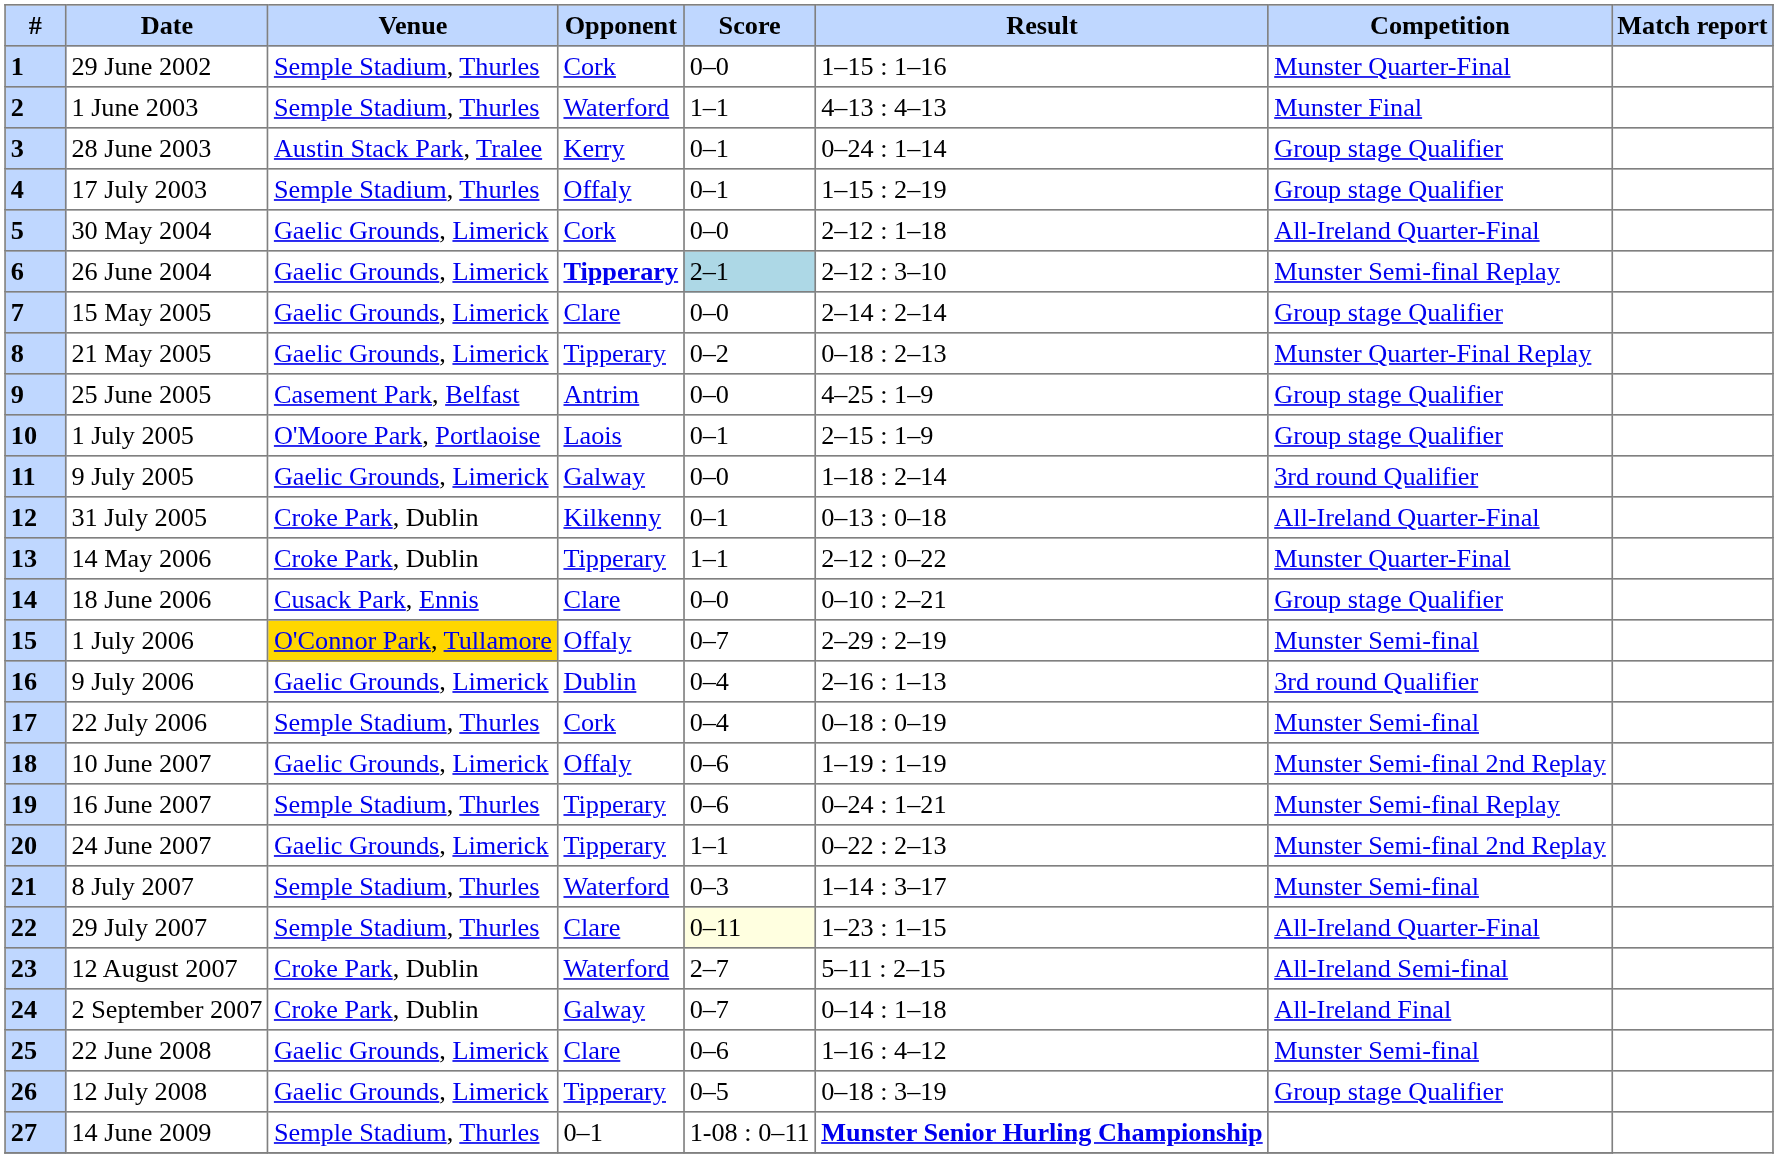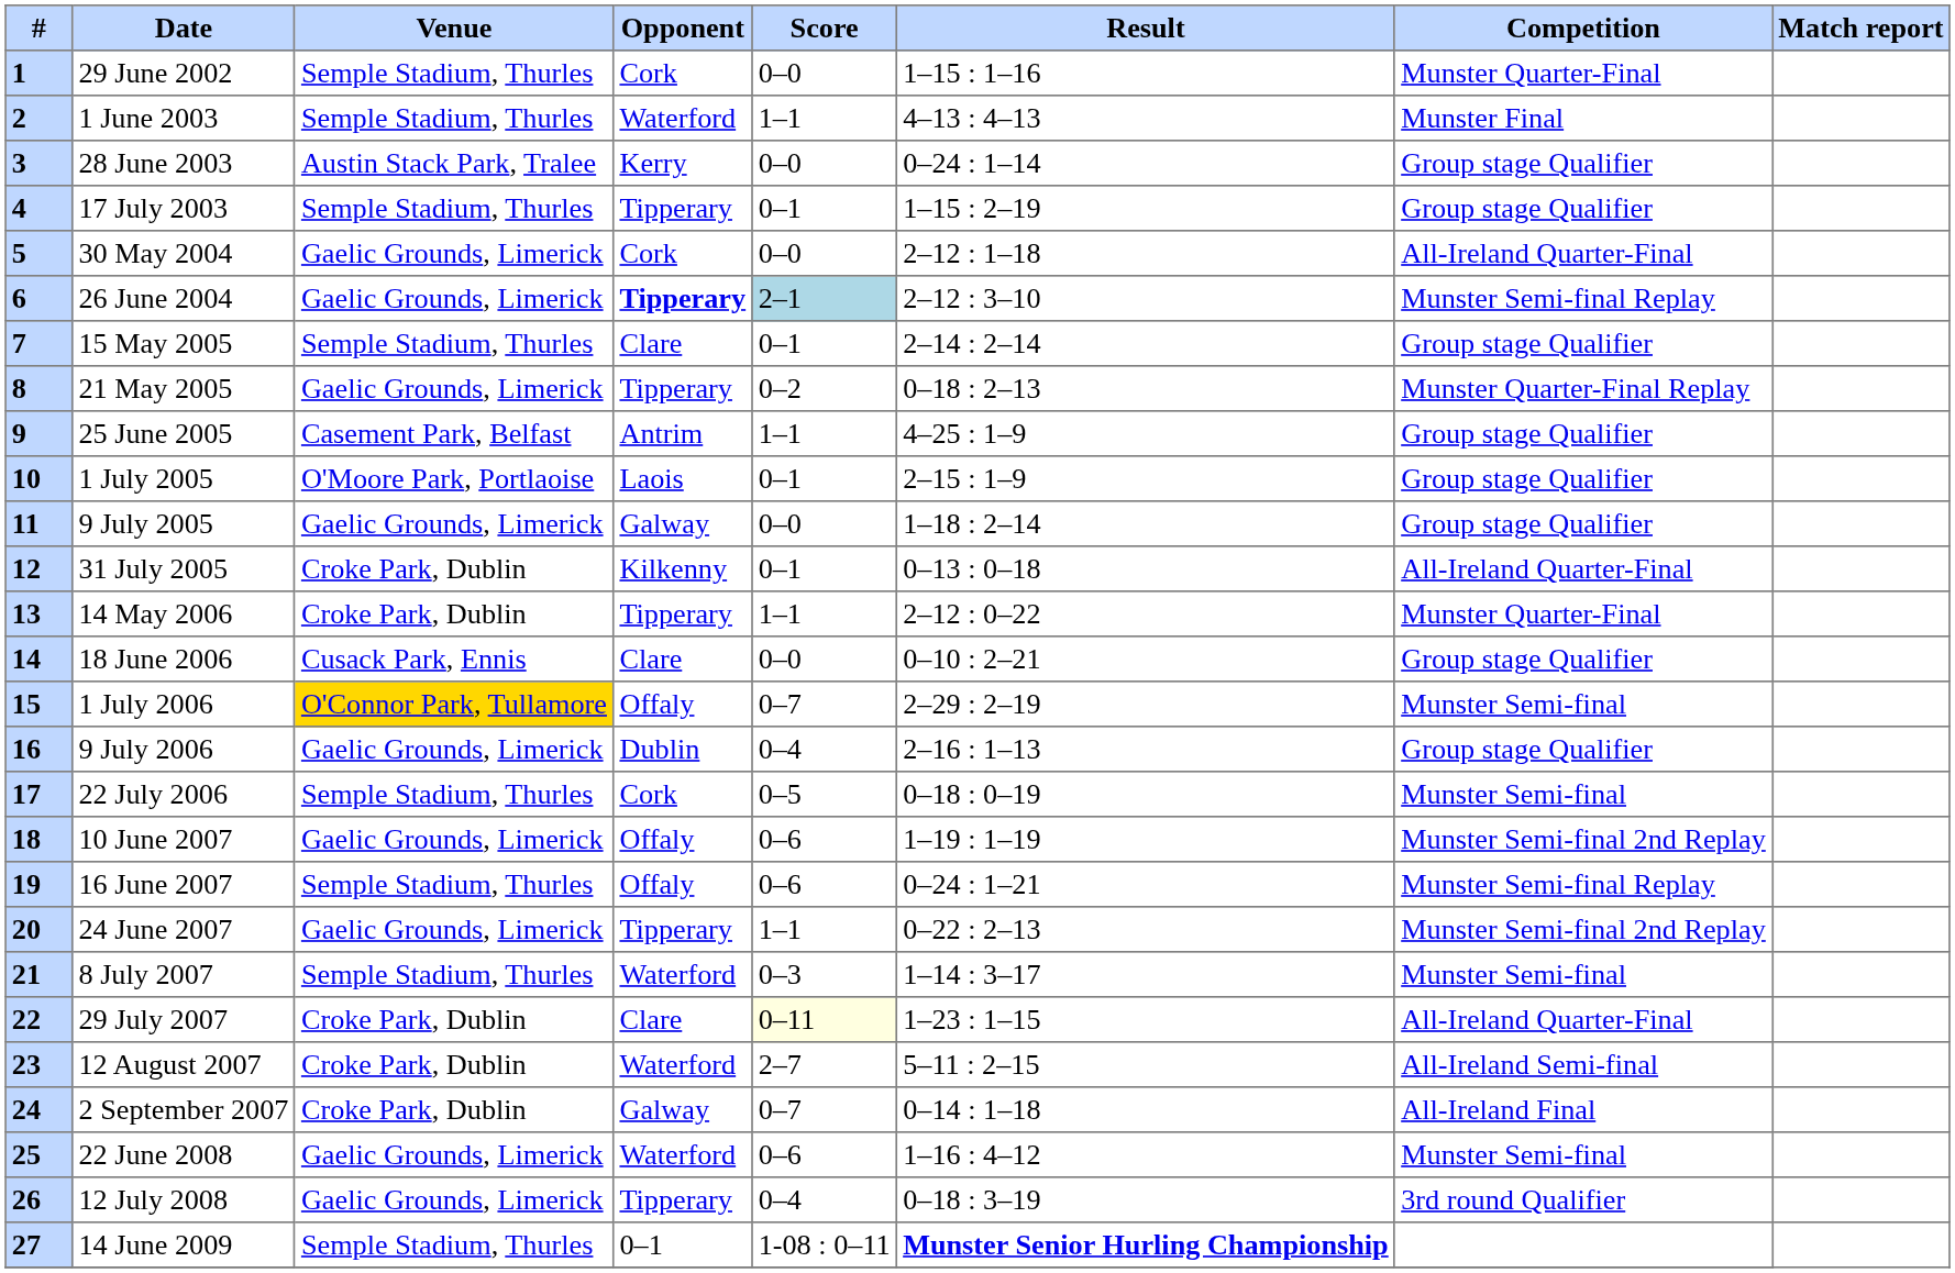 <table border=1 cellpadding=3 style="margin-left:1em; colour: black; border-collapse: collapse;">
 <tr bgcolor="BFD7FF">
 <th width=30 style="text-align: centr;">#</th>
 <th>Date</th>
 <th>Venue</th>
 <th>Opponent</th>
 <th>Score</th>
 <th>Result</th>
 <th>Competition</th>
 <th>Match report</th>
 </tr>
 <tr>
 <td style="text-align: centr;" bgcolor="BFD7FF"><strong>1</strong></td>
 <td>29 June 2002</td>
 <td><a href='#'>Semple Stadium</a>, <a href='#'>Thurles</a></td>
 <td><a href='#'>Cork</a></td>
 <td style="text-align: centr;">0–0</td>
 <td>1–15 : 1–16</td>
 <td><a href='#'>Munster Quarter-Final</a></td>
 <td></td>
 </tr>
 <tr>
 <td style="text-align: centr;" bgcolor="BFD7FF"><strong>2</strong></td>
 <td>1 June 2003</td>
 <td><a href='#'>Semple Stadium</a>, <a href='#'>Thurles</a></td>
 <td><a href='#'>Waterford</a></td>
 <td style="text-align: centr;">1–1</td>
 <td>4–13 : 4–13</td>
 <td><a href='#'>Munster Final</a></td>
 <td></td>
 </tr>
 <tr>
 <td style="text-align: centr;" bgcolor="BFD7FF"><strong>3</strong></td>
 <td>28 June 2003</td>
 <td><a href='#'>Austin Stack Park</a>, <a href='#'>Tralee</a></td>
 <td><a href='#'>Kerry</a></td>
-<td style="text-align: centr;">0–1</td>
+<td style="text-align: centr;">0–0</td>
 <td>0–24 : 1–14</td>
 <td><a href='#'>Group stage Qualifier</a></td>
 <td></td>
 </tr>
 <tr>
 <td style="text-align: centr;" bgcolor="BFD7FF"><strong>4</strong></td>
 <td>17 July 2003</td>
 <td><a href='#'>Semple Stadium</a>, <a href='#'>Thurles</a></td>
-<td><a href='#'>Offaly</a></td>
+<td><a href='#'>Tipperary</a></td>
 <td style="text-align: centr;">0–1</td>
 <td>1–15 : 2–19</td>
 <td><a href='#'>Group stage Qualifier</a></td>
 <td></td>
 </tr>
 <tr>
 <td style="text-align: centr;" bgcolor="BFD7FF"><strong>5</strong></td>
 <td>30 May 2004</td>
 <td><a href='#'>Gaelic Grounds</a>, <a href='#'>Limerick</a></td>
 <td><a href='#'>Cork</a></td>
 <td style="text-align: centr;">0–0</td>
 <td>2–12 : 1–18</td>
 <td><a href='#'>All-Ireland Quarter-Final</a></td>
 <td></td>
 </tr>
 <tr>
 <td style="text-align: centr;" bgcolor="BFD7FF"><strong>6</strong></td>
 <td>26 June 2004</td>
 <td><a href='#'>Gaelic Grounds</a>, <a href='#'>Limerick</a></td>
 <td><strong><a href='#'>Tipperary</a></strong></td>
 <td style="background: lightblue; text-align: centr;">2–1</td>
 <td>2–12 : 3–10</td>
 <td><a href='#'>Munster Semi-final Replay</a></td>
 <td></td>
 </tr>
 <tr>
 <td style="text-align: centr;" bgcolor="BFD7FF"><strong>7</strong></td>
 <td>15 May 2005</td>
-<td><a href='#'>Gaelic Grounds</a>, <a href='#'>Limerick</a></td>
+<td><a href='#'>Semple Stadium</a>, <a href='#'>Thurles</a></td>
 <td><a href='#'>Clare</a></td>
-<td style="text-align: centr;">0–0</td>
+<td style="text-align: centr;">0–1</td>
 <td>2–14 : 2–14</td>
 <td><a href='#'>Group stage Qualifier</a></td>
 <td></td>
 </tr>
 <tr>
 <td style="text-align: centr;" bgcolor="BFD7FF"><strong>8</strong></td>
 <td>21 May 2005</td>
 <td><a href='#'>Gaelic Grounds</a>, <a href='#'>Limerick</a></td>
 <td><a href='#'>Tipperary</a></td>
 <td style="text-align: centr;">0–2</td>
 <td>0–18 : 2–13</td>
 <td><a href='#'>Munster Quarter-Final Replay</a></td>
 <td></td>
 </tr>
 <tr>
 <td style="text-align: centr;" bgcolor="BFD7FF"><strong>9</strong></td>
 <td>25 June 2005</td>
 <td><a href='#'>Casement Park</a>, <a href='#'>Belfast</a></td>
 <td><a href='#'>Antrim</a></td>
-<td style="text-align: centr;">0–0</td>
+<td style="text-align: centr;">1–1</td>
 <td>4–25 : 1–9</td>
 <td><a href='#'>Group stage Qualifier</a></td>
 <td></td>
 </tr>
 <tr>
 <td style="text-align: centr;" bgcolor="BFD7FF"><strong>10</strong></td>
 <td>1 July 2005</td>
 <td><a href='#'>O'Moore Park</a>, <a href='#'>Portlaoise</a></td>
 <td><a href='#'>Laois</a></td>
 <td style="text-align: centr;">0–1</td>
 <td>2–15 : 1–9</td>
 <td><a href='#'>Group stage Qualifier</a></td>
 <td></td>
 </tr>
 <tr>
 <td style="text-align: centr;" bgcolor="BFD7FF"><strong>11</strong></td>
 <td>9 July 2005</td>
 <td><a href='#'>Gaelic Grounds</a>, <a href='#'>Limerick</a></td>
 <td><a href='#'>Galway</a></td>
 <td style="text-align: centr;">0–0</td>
 <td>1–18 : 2–14</td>
-<td><a href='#'>3rd round Qualifier</a></td>
+<td><a href='#'>Group stage Qualifier</a></td>
 <td></td>
 </tr>
 <tr>
 <td style="text-align: centr;" bgcolor="BFD7FF"><strong>12</strong></td>
 <td>31 July 2005</td>
 <td><a href='#'>Croke Park</a>, Dublin</td>
 <td><a href='#'>Kilkenny</a></td>
 <td style="text-align: centr;">0–1</td>
 <td>0–13 : 0–18</td>
 <td><a href='#'>All-Ireland Quarter-Final</a></td>
 <td></td>
 </tr>
 <tr>
 <td style="text-align: centr;" bgcolor="BFD7FF"><strong>13</strong></td>
 <td>14 May 2006</td>
 <td><a href='#'>Croke Park</a>, Dublin</td>
 <td><a href='#'>Tipperary</a></td>
 <td style="text-align: centr;">1–1</td>
 <td>2–12 : 0–22</td>
 <td><a href='#'>Munster Quarter-Final</a></td>
 <td></td>
 </tr>
 <tr>
 <td style="text-align: centr;" bgcolor="BFD7FF"><strong>14</strong></td>
 <td>18 June 2006</td>
 <td><a href='#'>Cusack Park</a>, <a href='#'>Ennis</a></td>
 <td><a href='#'>Clare</a></td>
 <td style="text-align: centr;">0–0</td>
 <td>0–10 : 2–21</td>
 <td><a href='#'>Group stage Qualifier</a></td>
 <td></td>
 </tr>
 <tr>
 <td style="text-align: centr;" bgcolor="BFD7FF"><strong>15</strong></td>
 <td>1 July 2006</td>
 <td style="background: gold;"><a href='#'>O'Connor Park</a>, <a href='#'>Tullamore</a></td>
 <td><a href='#'>Offaly</a></td>
 <td style="text-align: centr;">0–7</td>
 <td>2–29 : 2–19</td>
 <td><a href='#'>Munster Semi-final</a></td>
 <td></td>
 </tr>
 <tr>
 <td style="text-align: centr;" bgcolor="BFD7FF"><strong>16</strong></td>
 <td>9 July 2006</td>
 <td><a href='#'>Gaelic Grounds</a>, <a href='#'>Limerick</a></td>
 <td><a href='#'>Dublin</a></td>
 <td style="text-align: centr;">0–4</td>
 <td>2–16 : 1–13</td>
-<td><a href='#'>3rd round Qualifier</a></td>
+<td><a href='#'>Group stage Qualifier</a></td>
 <td></td>
 </tr>
 <tr>
 <td style="text-align: centr;" bgcolor="BFD7FF"><strong>17</strong></td>
 <td>22 July 2006</td>
 <td><a href='#'>Semple Stadium</a>, <a href='#'>Thurles</a></td>
 <td><a href='#'>Cork</a></td>
-<td style="text-align: centr;">0–4</td>
+<td style="text-align: centr;">0–5</td>
 <td>0–18 : 0–19</td>
 <td><a href='#'>Munster Semi-final</a></td>
 <td></td>
 </tr>
 <tr>
 <td style="text-align: centr;" bgcolor="BFD7FF"><strong>18</strong></td>
 <td>10 June 2007</td>
 <td><a href='#'>Gaelic Grounds</a>, <a href='#'>Limerick</a></td>
 <td><a href='#'>Offaly</a></td>
 <td style="text-align: centr;">0–6</td>
 <td>1–19 : 1–19</td>
 <td><a href='#'>Munster Semi-final 2nd Replay</a></td>
 <td></td>
 </tr>
 <tr>
 <td style="text-align: centr;" bgcolor="BFD7FF"><strong>19</strong></td>
 <td>16 June 2007</td>
 <td><a href='#'>Semple Stadium</a>, <a href='#'>Thurles</a></td>
-<td><a href='#'>Tipperary</a></td>
+<td><a href='#'>Offaly</a></td>
 <td style="text-align: centr;">0–6</td>
 <td>0–24 : 1–21</td>
 <td><a href='#'>Munster Semi-final Replay</a></td>
 <td></td>
 </tr>
 <tr>
 <td style="text-align: centr;" bgcolor="BFD7FF"><strong>20</strong></td>
 <td>24 June 2007</td>
 <td><a href='#'>Gaelic Grounds</a>, <a href='#'>Limerick</a></td>
 <td><a href='#'>Tipperary</a></td>
 <td style="text-align: centr;">1–1</td>
 <td>0–22 : 2–13</td>
 <td><a href='#'>Munster Semi-final 2nd Replay</a></td>
 <td></td>
 </tr>
 <tr>
 <td style="text-align: centr;" bgcolor="BFD7FF"><strong>21</strong></td>
 <td>8 July 2007</td>
 <td><a href='#'>Semple Stadium</a>, <a href='#'>Thurles</a></td>
 <td><a href='#'>Waterford</a></td>
 <td style="text-align: centr;">0–3</td>
 <td>1–14 : 3–17</td>
 <td><a href='#'>Munster Semi-final</a></td>
 <td></td>
 </tr>
 <tr>
 <td style="text-align: centr;" bgcolor="BFD7FF"><strong>22</strong></td>
 <td>29 July 2007</td>
-<td><a href='#'>Semple Stadium</a>, <a href='#'>Thurles</a></td>
+<td><a href='#'>Croke Park</a>, Dublin</td>
 <td><a href='#'>Clare</a></td>
 <td style="background: lightyellow; text-align: centr;">0–11</td>
 <td>1–23 : 1–15</td>
 <td><a href='#'>All-Ireland Quarter-Final</a></td>
 <td></td>
 </tr>
 <tr>
 <td style="text-align: centr;" bgcolor="BFD7FF"><strong>23</strong></td>
 <td>12 August 2007</td>
 <td><a href='#'>Croke Park</a>, Dublin</td>
 <td><a href='#'>Waterford</a></td>
 <td style="text-align: centr;">2–7</td>
 <td>5–11 : 2–15</td>
 <td><a href='#'>All-Ireland Semi-final</a></td>
 <td></td>
 </tr>
 <tr>
 <td style="text-align: centr;" bgcolor="BFD7FF"><strong>24</strong></td>
 <td>2 September 2007</td>
 <td><a href='#'>Croke Park</a>, Dublin</td>
 <td><a href='#'>Galway</a></td>
 <td style="text-align: centr;">0–7</td>
 <td>0–14 : 1–18</td>
 <td><a href='#'>All-Ireland Final</a></td>
 <td></td>
 </tr>
 <tr>
 <td style="text-align: centr;" bgcolor="BFD7FF"><strong>25</strong></td>
 <td>22 June 2008</td>
 <td><a href='#'>Gaelic Grounds</a>, <a href='#'>Limerick</a></td>
-<td><a href='#'>Clare</a></td>
+<td><a href='#'>Waterford</a></td>
 <td style="text-align: centr;">0–6</td>
 <td>1–16 : 4–12</td>
 <td><a href='#'>Munster Semi-final</a></td>
 <td></td>
 </tr>
 <tr>
 <td style="text-align: centr;" bgcolor="BFD7FF"><strong>26</strong></td>
 <td>12 July 2008</td>
 <td><a href='#'>Gaelic Grounds</a>, <a href='#'>Limerick</a></td>
 <td><a href='#'>Tipperary</a></td>
-<td style="text-align: centr;">0–5</td>
+<td style="text-align: centr;">0–4</td>
 <td>0–18 : 3–19</td>
-<td><a href='#'>Group stage Qualifier</a></td>
+<td><a href='#'>3rd round Qualifier</a></td>
 <td></td>
 </tr>
 <tr>
 <td style="text-align: centr;" bgcolor="BFD7FF"><strong>27</strong></td>
 <td>14 June 2009</td>
 <td><a href='#'>Semple Stadium</a>, <a href='#'>Thurles</a></td>
 <td style="text-align: centr;">0–1</td>
 <td>1-08 : 0–11</td>
 <td><strong><a href='#'>Munster Senior Hurling Championship</a></strong></td>
 <td></td>
 </tr>
 <tr>
 </tr>
 </table>
